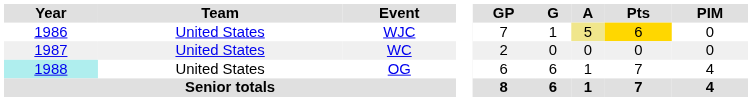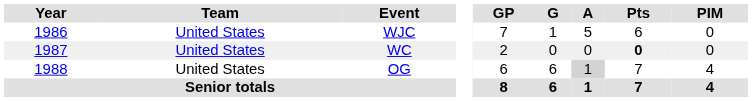 <table border="0" cellpadding="1" cellspacing="0" style="text-align:center; width:50em">
 <tr ALIGN="center" bgcolor="#e0e0e0">
 <th>Year</th>
 <th>Team</th>
 <th>Event</th>
 <th ALIGN="center" rowspan="99" bgcolor="#ffffff"> </th>
 <th>GP</th>
 <th>G</th>
 <th>A</th>
 <th>Pts</th>
 <th>PIM</th>
 </tr>
 <tr>
 <td><a href='#'>1986</a></td>
 <td><a href='#'>United States</a></td>
 <td><a href='#'>WJC</a></td>
 <td>7</td>
 <td>1</td>
-<td style="background: khaki;">5</td>
-<td style="background: gold;">6</td>
+<td>5</td>
+<td>6</td>
 <td>0</td>
 </tr>
 <tr bgcolor="#f0f0f0">
 <td><a href='#'>1987</a></td>
 <td><a href='#'>United States</a></td>
 <td><a href='#'>WC</a></td>
 <td>2</td>
 <td>0</td>
 <td>0</td>
-<td>0</td>
+<td><strong>0</strong></td>
 <td>0</td>
 </tr>
 <tr>
-<td style="background: paleturquoise;"><a href='#'>1988</a></td>
+<td><a href='#'>1988</a></td>
 <td>United States</td>
 <td><a href='#'>OG</a></td>
 <td>6</td>
 <td>6</td>
-<td>1</td>
+<td style="background: lightgrey;">1</td>
 <td>7</td>
 <td>4</td>
 </tr>
 <tr style="background:#e0e0e0;">
 <th colspan="3">Senior totals</th>
 <th>8</th>
 <th>6</th>
 <th>1</th>
 <th>7</th>
 <th>4</th>
 </tr>
 </table>
